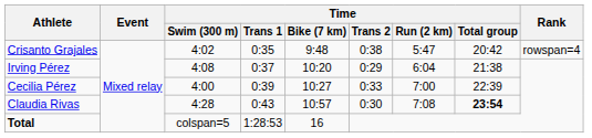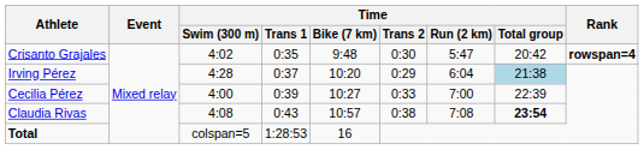 <table class="wikitable" style="font-size:90%;text-align:center;">
 <tr>
 <th rowspan=2>Athlete</th>
 <th rowspan=2>Event</th>
 <th colspan=6>Time</th>
 <th rowspan=2>Rank</th>
 </tr>
 <tr style="font-size:95%">
 <th>Swim (300 m)</th>
 <th>Trans 1</th>
 <th>Bike (7 km)</th>
 <th>Trans 2</th>
 <th>Run (2 km)</th>
 <th>Total group</th>
 </tr>
 <tr>
 <td align=left><a href='#'>Crisanto Grajales</a></td>
 <td align=left rowspan=5><a href='#'>Mixed relay</a></td>
 <td>4:02</td>
 <td>0:35</td>
 <td>9:48</td>
-<td>0:38</td>
+<td>0:30</td>
 <td>5:47</td>
 <td>20:42</td>
-<td>rowspan=4 </td>
+<td><strong>rowspan=4 </strong></td>
 </tr>
 <tr>
 <td align=left><a href='#'>Irving Pérez</a></td>
-<td>4:08</td>
+<td>4:28</td>
 <td>0:37</td>
 <td>10:20</td>
 <td>0:29</td>
 <td>6:04</td>
-<td>21:38</td>
+<td style="background: lightblue;">21:38</td>
 </tr>
 <tr>
 <td align=left><a href='#'>Cecilia Pérez</a></td>
 <td>4:00</td>
 <td>0:39</td>
 <td>10:27</td>
 <td>0:33</td>
 <td>7:00</td>
 <td>22:39</td>
 </tr>
 <tr>
 <td align=left><a href='#'>Claudia Rivas</a></td>
-<td>4:28</td>
+<td>4:08</td>
 <td>0:43</td>
 <td>10:57</td>
-<td>0:30</td>
+<td>0:38</td>
 <td>7:08</td>
 <td><strong>23:54</strong></td>
 </tr>
 <tr align=center>
 <td align=left><strong>Total</strong></td>
 <td>colspan=5 </td>
 <td>1:28:53</td>
 <td>16</td>
 </tr>
 </table>
